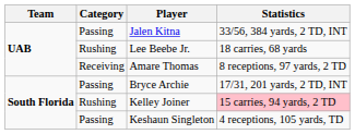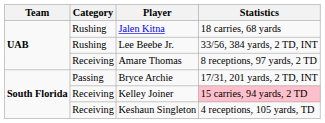 <table class="wikitable" style="float: right;">
 <tr>
 <th>Team</th>
 <th>Category</th>
 <th>Player</th>
 <th>Statistics</th>
 </tr>
 <tr>
 <td rowspan=3><strong>UAB</strong></td>
-<td>Passing</td>
+<td>Rushing</td>
 <td><a href='#'>Jalen Kitna</a></td>
-<td>33/56, 384 yards, 2 TD, INT</td>
+<td>18 carries, 68 yards</td>
 </tr>
 <tr>
 <td>Rushing</td>
 <td>Lee Beebe Jr.</td>
-<td>18 carries, 68 yards</td>
+<td>33/56, 384 yards, 2 TD, INT</td>
 </tr>
 <tr>
 <td>Receiving</td>
 <td>Amare Thomas</td>
 <td>8 receptions, 97 yards, 2 TD</td>
 </tr>
 <tr>
 <td rowspan=3><strong>South Florida</strong></td>
 <td>Passing</td>
 <td>Bryce Archie</td>
 <td>17/31, 201 yards, 2 TD, INT</td>
 </tr>
 <tr>
-<td>Rushing</td>
+<td>Receiving</td>
 <td>Kelley Joiner</td>
 <td style="background: pink;">15 carries, 94 yards, 2 TD</td>
 </tr>
 <tr>
-<td>Passing</td>
+<td>Receiving</td>
 <td>Keshaun Singleton</td>
 <td>4 receptions, 105 yards, TD</td>
 </tr>
 </table>
